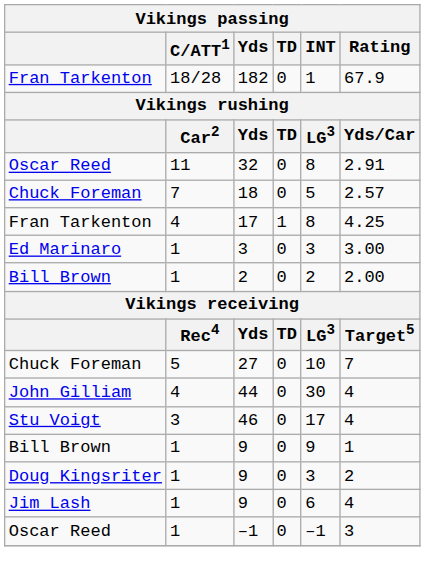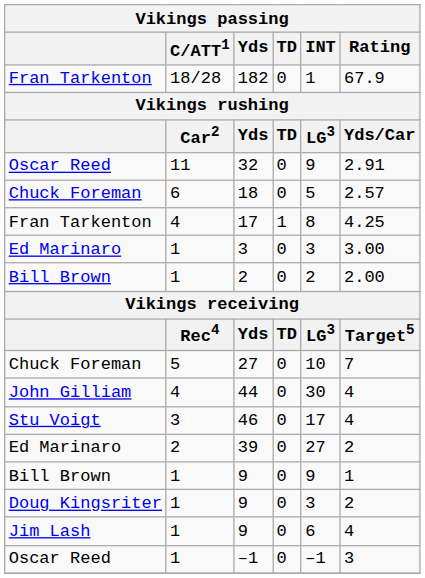 <table class="wikitable">
 <tr>
 <th colspan="6">Vikings passing</th>
 </tr>
 <tr>
 <th></th>
 <th>C/ATT<sup>1</sup></th>
 <th>Yds</th>
 <th>TD</th>
 <th>INT</th>
 <th>Rating</th>
 </tr>
 <tr>
 <td><a href='#'>Fran Tarkenton</a></td>
 <td>18/28</td>
 <td>182</td>
 <td>0</td>
 <td>1</td>
 <td>67.9</td>
 </tr>
 <tr>
 <th colspan="6">Vikings rushing</th>
 </tr>
 <tr>
 <th></th>
 <th>Car<sup>2</sup></th>
 <th>Yds</th>
 <th>TD</th>
 <th>LG<sup>3</sup></th>
 <th>Yds/Car</th>
 </tr>
 <tr>
 <td><a href='#'>Oscar Reed</a></td>
 <td>11</td>
 <td>32</td>
 <td>0</td>
-<td>8</td>
+<td>9</td>
 <td>2.91</td>
 </tr>
 <tr>
 <td><a href='#'>Chuck Foreman</a></td>
-<td>7</td>
+<td>6</td>
 <td>18</td>
 <td>0</td>
 <td>5</td>
 <td>2.57</td>
 </tr>
 <tr>
 <td>Fran Tarkenton</td>
 <td>4</td>
 <td>17</td>
 <td>1</td>
 <td>8</td>
 <td>4.25</td>
 </tr>
 <tr>
 <td><a href='#'>Ed Marinaro</a></td>
 <td>1</td>
 <td>3</td>
 <td>0</td>
 <td>3</td>
 <td>3.00</td>
 </tr>
 <tr>
 <td><a href='#'>Bill Brown</a></td>
 <td>1</td>
 <td>2</td>
 <td>0</td>
 <td>2</td>
 <td>2.00</td>
 </tr>
 <tr>
 <th colspan="6">Vikings receiving</th>
 </tr>
 <tr>
 <th></th>
 <th>Rec<sup>4</sup></th>
 <th>Yds</th>
 <th>TD</th>
 <th>LG<sup>3</sup></th>
 <th>Target<sup>5</sup></th>
 </tr>
 <tr>
 <td>Chuck Foreman</td>
 <td>5</td>
 <td>27</td>
 <td>0</td>
 <td>10</td>
 <td>7</td>
 </tr>
 <tr>
 <td><a href='#'>John Gilliam</a></td>
 <td>4</td>
 <td>44</td>
 <td>0</td>
 <td>30</td>
 <td>4</td>
 </tr>
 <tr>
 <td><a href='#'>Stu Voigt</a></td>
 <td>3</td>
 <td>46</td>
 <td>0</td>
 <td>17</td>
 <td>4</td>
 </tr>
 <tr>
+<td>Ed Marinaro</td>
+<td>2</td>
+<td>39</td>
+<td>0</td>
+<td>27</td>
+<td>2</td>
+</tr>
+<tr>
 <td>Bill Brown</td>
 <td>1</td>
 <td>9</td>
 <td>0</td>
 <td>9</td>
 <td>1</td>
 </tr>
 <tr>
 <td><a href='#'>Doug Kingsriter</a></td>
 <td>1</td>
 <td>9</td>
 <td>0</td>
 <td>3</td>
 <td>2</td>
 </tr>
 <tr>
 <td><a href='#'>Jim Lash</a></td>
 <td>1</td>
 <td>9</td>
 <td>0</td>
 <td>6</td>
 <td>4</td>
 </tr>
 <tr>
 <td>Oscar Reed</td>
 <td>1</td>
 <td>–1</td>
 <td>0</td>
 <td>–1</td>
 <td>3</td>
 </tr>
 <tr>
 </tr>
 </table>
